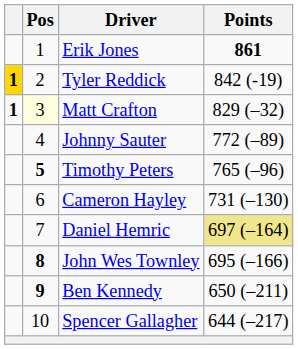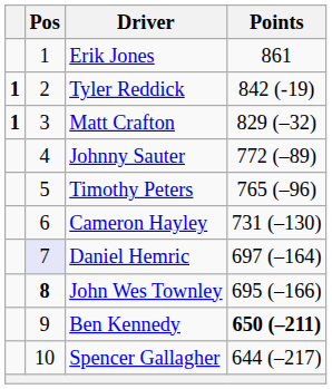 <table class="wikitable" style="font-size: 95%;">
 <tr>
 <th></th>
 <th>Pos</th>
 <th>Driver</th>
 <th>Points</th>
 </tr>
 <tr>
 <td align="left"></td>
 <td style="text-align:center;">1</td>
 <td><a href='#'>Erik Jones</a></td>
-<td style="text-align:center;"><strong>861</strong></td>
+<td style="text-align:center;">861</td>
 </tr>
 <tr>
-<td align="left" style="background: gold;"> <strong>1</strong></td>
+<td align="left"> <strong>1</strong></td>
 <td style="text-align:center;">2</td>
 <td><a href='#'>Tyler Reddick</a></td>
 <td style="text-align:center;">842 (-19)</td>
 </tr>
 <tr>
 <td align="left"> <strong>1</strong></td>
-<td style="background: lightyellow; text-align:center;">3</td>
+<td style="text-align:center;">3</td>
 <td><a href='#'>Matt Crafton</a></td>
 <td style="text-align:center;">829 (–32)</td>
 </tr>
 <tr>
 <td align="left"></td>
 <td style="text-align:center;">4</td>
 <td><a href='#'>Johnny Sauter</a></td>
 <td style="text-align:center;">772 (–89)</td>
 </tr>
 <tr>
 <td align="left"></td>
-<td style="text-align:center;"><strong>5</strong></td>
+<td style="text-align:center;">5</td>
 <td><a href='#'>Timothy Peters</a></td>
 <td style="text-align:center;">765 (–96)</td>
 </tr>
 <tr>
 <td align="left"></td>
 <td style="text-align:center;">6</td>
 <td><a href='#'>Cameron Hayley</a></td>
 <td style="text-align:center;">731 (–130)</td>
 </tr>
 <tr>
 <td align="left"></td>
-<td style="text-align:center;">7</td>
+<td style="background: lavender; text-align:center;">7</td>
 <td><a href='#'>Daniel Hemric</a></td>
-<td style="background: khaki; text-align:center;">697 (–164)</td>
+<td style="text-align:center;">697 (–164)</td>
 </tr>
 <tr>
 <td align="left"></td>
 <td style="text-align:center;"><strong>8</strong></td>
 <td><a href='#'>John Wes Townley</a></td>
 <td style="text-align:center;">695 (–166)</td>
 </tr>
 <tr>
 <td align="left"></td>
-<td style="text-align:center;"><strong>9</strong></td>
+<td style="text-align:center;">9</td>
 <td><a href='#'>Ben Kennedy</a></td>
-<td style="text-align:center;">650 (–211)</td>
+<td style="text-align:center;"><strong>650 (–211)</strong></td>
 </tr>
 <tr>
 <td align="left"></td>
 <td style="text-align:center;">10</td>
 <td><a href='#'>Spencer Gallagher</a></td>
 <td style="text-align:center;">644 (–217)</td>
 </tr>
 <tr>
 <th colspan="9"></th>
 </tr>
 </table>
